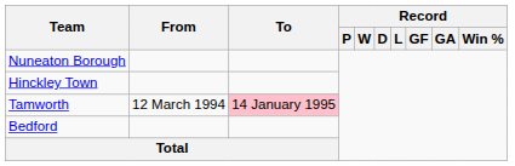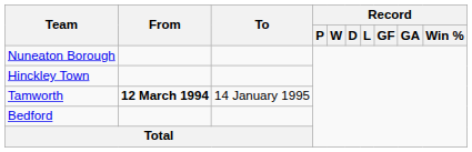 <table class="wikitable" style="text-align:left">
 <tr>
 <th rowspan="2">Team</th>
 <th rowspan="2">From</th>
 <th rowspan="2">To</th>
 <th colspan="7">Record</th>
 </tr>
 <tr>
 <th>P</th>
 <th>W</th>
 <th>D</th>
 <th>L</th>
 <th>GF</th>
 <th>GA</th>
 <th>Win %</th>
 </tr>
 <tr>
 <td><a href='#'>Nuneaton Borough</a></td>
 <td></td>
 <td><br></td>
 </tr>
 <tr>
 <td><a href='#'>Hinckley Town</a></td>
 <td></td>
 <td><br></td>
 </tr>
 <tr>
 <td><a href='#'>Tamworth</a></td>
-<td>12 March 1994</td>
-<td style="background: pink;">14 January 1995<br></td>
+<td><strong>12 March 1994</strong></td>
+<td>14 January 1995<br></td>
 </tr>
 <tr>
 <td><a href='#'>Bedford</a></td>
 <td></td>
 <td><br></td>
 </tr>
 <tr>
 <th colspan=3>Total<br></th>
 </tr>
 </table>
